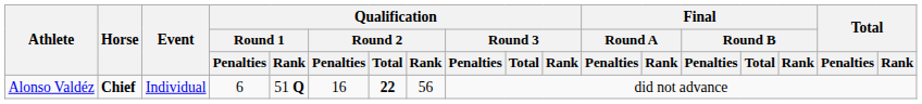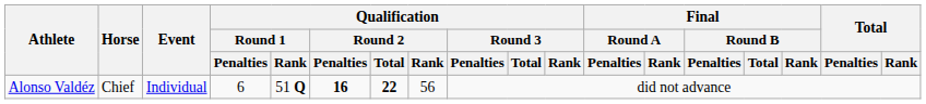 <table class="wikitable" style="font-size:90%">
 <tr>
 <th rowspan="3">Athlete</th>
 <th rowspan="3">Horse</th>
 <th rowspan="3">Event</th>
 <th colspan="8">Qualification</th>
 <th colspan="5">Final</th>
 <th rowspan=2 colspan="2">Total</th>
 </tr>
 <tr style="font-size:95%">
 <th colspan="2">Round 1</th>
 <th colspan="3">Round 2</th>
 <th colspan="3">Round 3</th>
 <th colspan="2">Round A</th>
 <th colspan="3">Round B</th>
 </tr>
 <tr style="font-size:95%">
 <th>Penalties</th>
 <th>Rank</th>
 <th>Penalties</th>
 <th>Total</th>
 <th>Rank</th>
 <th>Penalties</th>
 <th>Total</th>
 <th>Rank</th>
 <th>Penalties</th>
 <th>Rank</th>
 <th>Penalties</th>
 <th>Total</th>
 <th>Rank</th>
 <th>Penalties</th>
 <th>Rank</th>
 </tr>
 <tr align=center>
 <td align=left><a href='#'>Alonso Valdéz</a></td>
-<td align=left><strong>Chief</strong></td>
+<td align=left>Chief</td>
 <td align=left><a href='#'>Individual</a></td>
 <td>6</td>
 <td>51 <strong>Q</strong></td>
-<td>16</td>
+<td><strong>16</strong></td>
 <td><strong>22</strong></td>
 <td>56</td>
 <td colspan=10>did not advance</td>
 </tr>
 </table>
